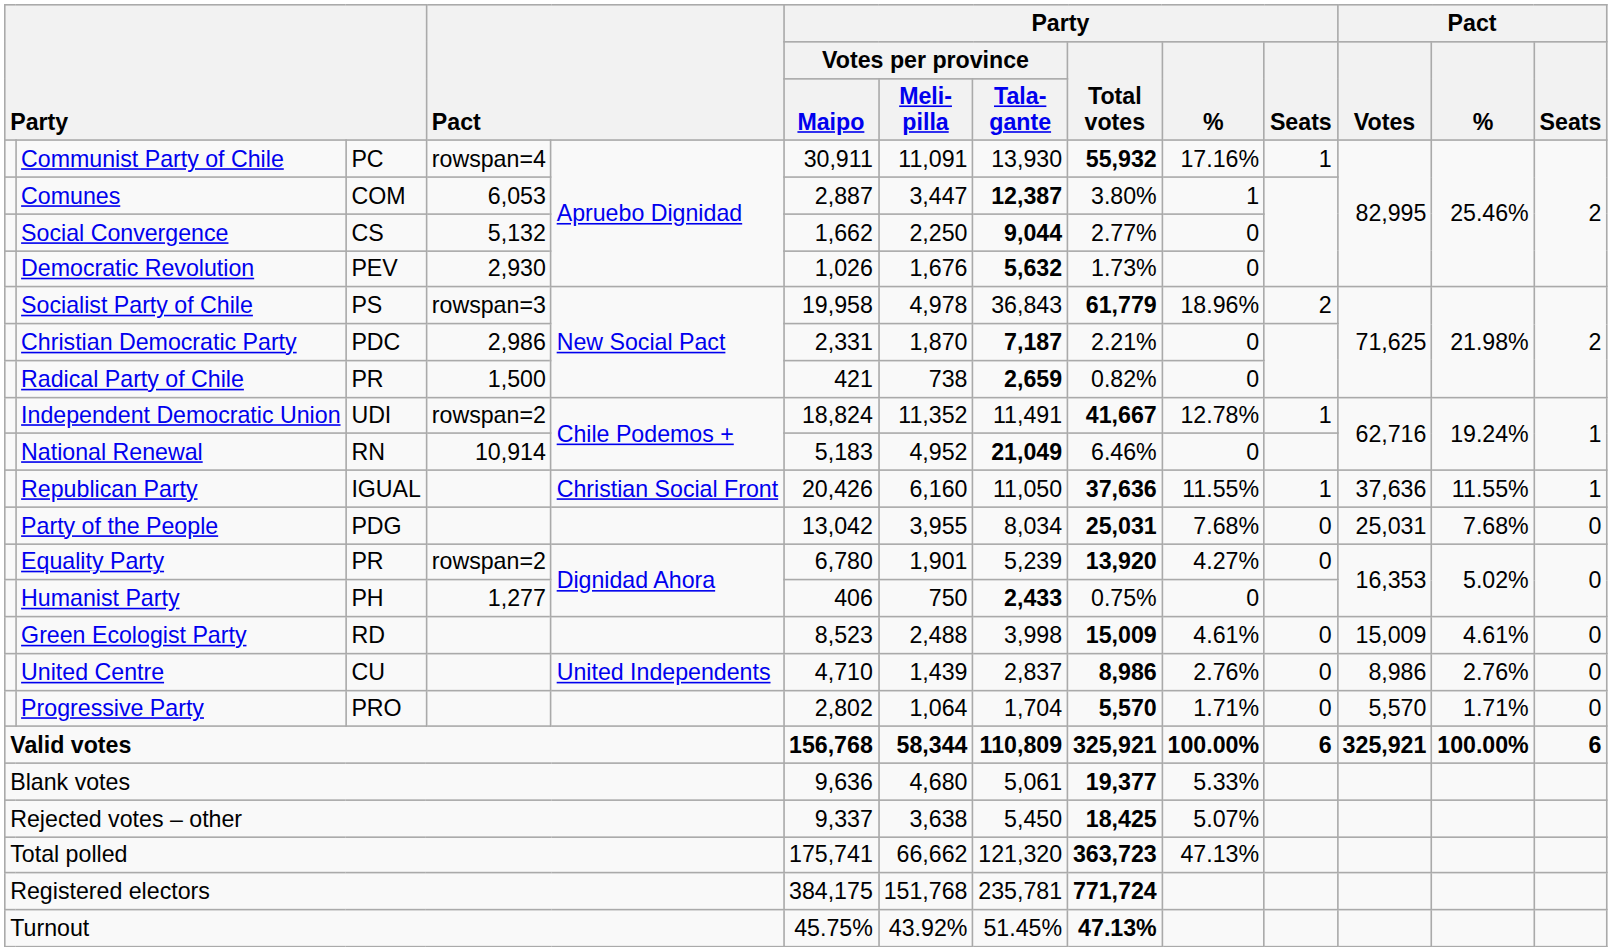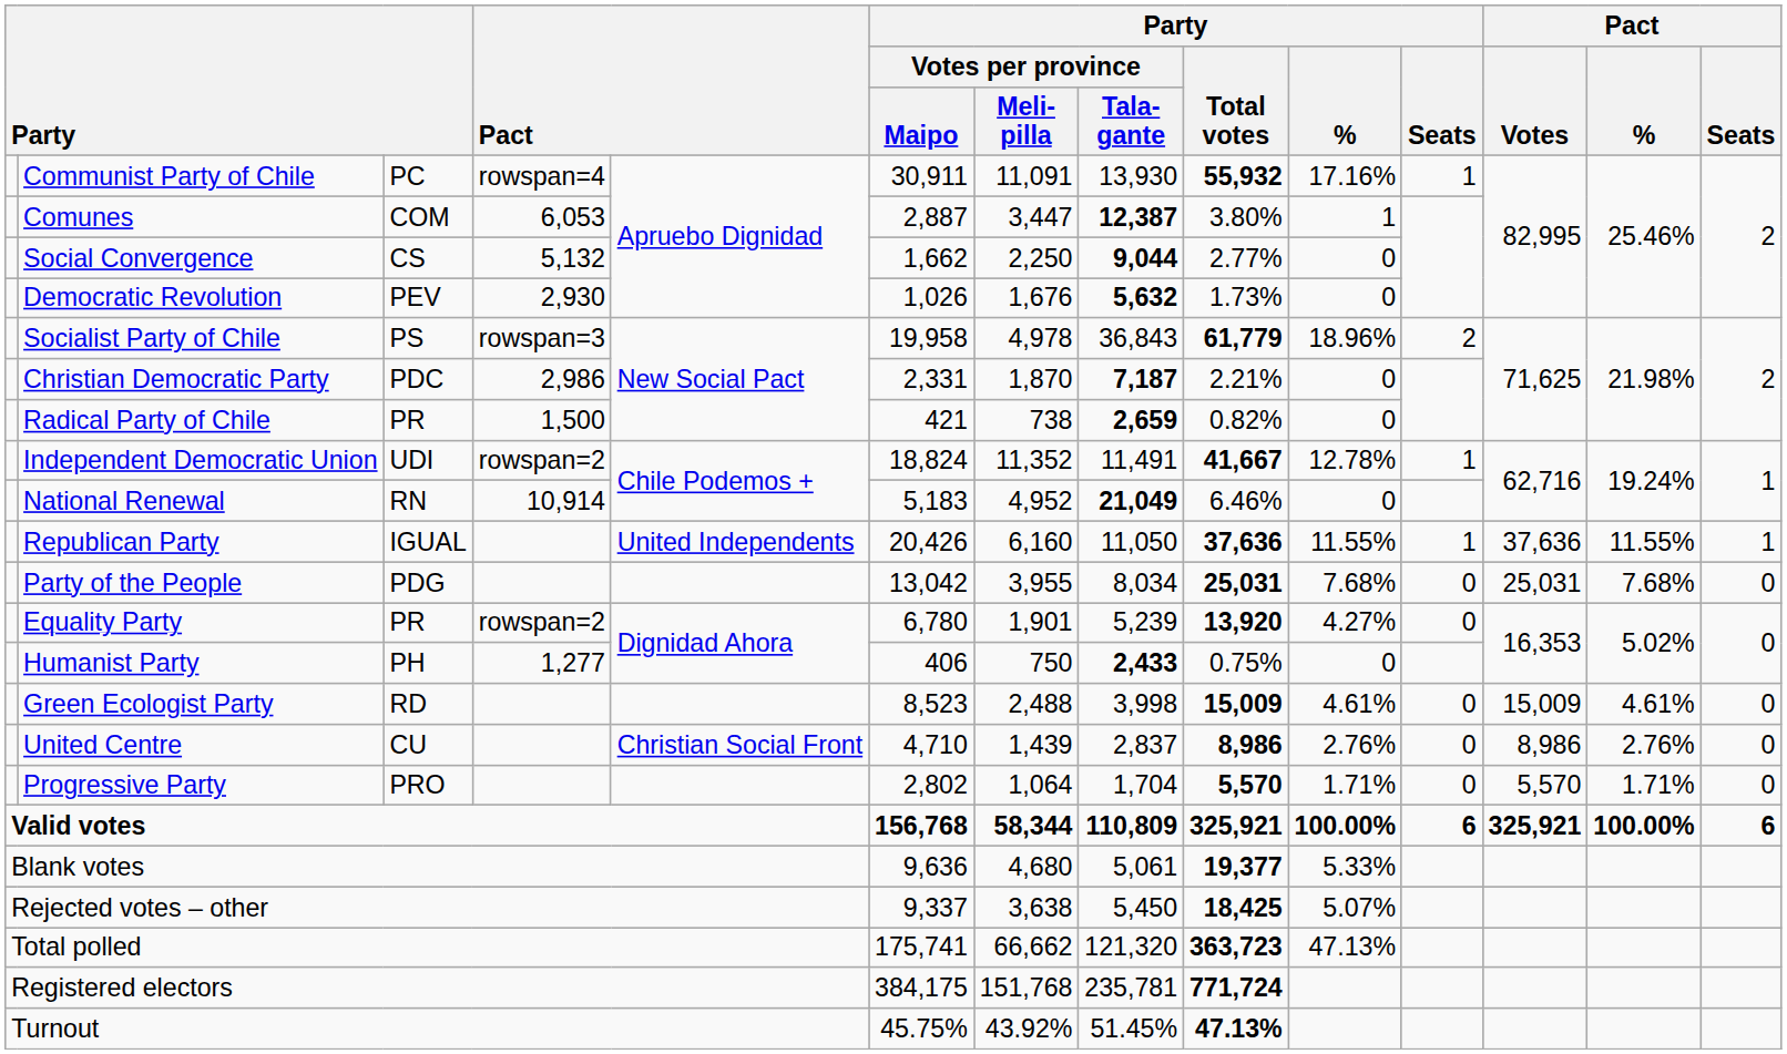 <table class="wikitable" border="1" style="font-size:90%; text-align:right; white-space: nowrap;">
 <tr>
 <th style="text-align:left;" valign=bottom rowspan=3 colspan=3>Party</th>
 <th style="text-align:left;" valign=bottom rowspan=3 colspan=2>Pact</th>
 <th colspan=6>Party</th>
 <th colspan=3>Pact</th>
 </tr>
 <tr>
 <th colspan=3>Votes per province</th>
 <th align=center valign=bottom rowspan=2 width="40">Total<br>votes</th>
 <th align=center valign=bottom rowspan=2 width="40">%</th>
 <th align=center valign=bottom rowspan=2>Seats</th>
 <th align=center valign=bottom rowspan=2 width="40">Votes</th>
 <th align=center valign=bottom rowspan=2 width="40">%</th>
 <th align=center valign=bottom rowspan=2>Seats</th>
 </tr>
 <tr>
 <th align=center valign=bottom width="40"><a href='#'>Maipo</a></th>
 <th align=center valign=bottom width="40"><a href='#'>Meli-<br>pilla</a></th>
 <th align=center valign=bottom width="40"><a href='#'>Tala-<br>gante</a></th>
 </tr>
 <tr>
 <td></td>
 <td align=left><a href='#'>Communist Party of Chile</a></td>
 <td align=left>PC</td>
 <td>rowspan=4 </td>
 <td rowspan=4 align=left><a href='#'>Apruebo Dignidad</a></td>
 <td>30,911</td>
 <td>11,091</td>
 <td>13,930</td>
 <td><strong>55,932</strong></td>
 <td>17.16%</td>
 <td>1</td>
 <td rowspan=4>82,995</td>
 <td rowspan=4>25.46%</td>
 <td rowspan=4>2</td>
 </tr>
 <tr>
 <td></td>
 <td align=left><a href='#'>Comunes</a></td>
 <td align=left>COM</td>
 <td>6,053</td>
 <td>2,887</td>
 <td>3,447</td>
 <td><strong>12,387</strong></td>
 <td>3.80%</td>
 <td>1</td>
 </tr>
 <tr>
 <td></td>
 <td align=left><a href='#'>Social Convergence</a></td>
 <td align=left>CS</td>
 <td>5,132</td>
 <td>1,662</td>
 <td>2,250</td>
 <td><strong>9,044</strong></td>
 <td>2.77%</td>
 <td>0</td>
 </tr>
 <tr>
 <td></td>
 <td align=left><a href='#'>Democratic Revolution</a></td>
 <td align=left>PEV</td>
 <td>2,930</td>
 <td>1,026</td>
 <td>1,676</td>
 <td><strong>5,632</strong></td>
 <td>1.73%</td>
 <td>0</td>
 </tr>
 <tr>
 <td></td>
 <td align=left><a href='#'>Socialist Party of Chile</a></td>
 <td align=left>PS</td>
 <td>rowspan=3 </td>
 <td rowspan=3 align=left><a href='#'>New Social Pact</a></td>
 <td>19,958</td>
 <td>4,978</td>
 <td>36,843</td>
 <td><strong>61,779</strong></td>
 <td>18.96%</td>
 <td>2</td>
 <td rowspan=3>71,625</td>
 <td rowspan=3>21.98%</td>
 <td rowspan=3>2</td>
 </tr>
 <tr>
 <td></td>
 <td align=left><a href='#'>Christian Democratic Party</a></td>
 <td align=left>PDC</td>
 <td>2,986</td>
 <td>2,331</td>
 <td>1,870</td>
 <td><strong>7,187</strong></td>
 <td>2.21%</td>
 <td>0</td>
 </tr>
 <tr>
 <td></td>
 <td align=left><a href='#'>Radical Party of Chile</a></td>
 <td align=left>PR</td>
 <td>1,500</td>
 <td>421</td>
 <td>738</td>
 <td><strong>2,659</strong></td>
 <td>0.82%</td>
 <td>0</td>
 </tr>
 <tr>
 <td></td>
 <td align=left><a href='#'>Independent Democratic Union</a></td>
 <td align=left>UDI</td>
 <td>rowspan=2 </td>
 <td rowspan=2 align=left><a href='#'>Chile Podemos +</a></td>
 <td>18,824</td>
 <td>11,352</td>
 <td>11,491</td>
 <td><strong>41,667</strong></td>
 <td>12.78%</td>
 <td>1</td>
 <td rowspan=2>62,716</td>
 <td rowspan=2>19.24%</td>
 <td rowspan=2>1</td>
 </tr>
 <tr>
 <td></td>
 <td align=left><a href='#'>National Renewal</a></td>
 <td align=left>RN</td>
 <td>10,914</td>
 <td>5,183</td>
 <td>4,952</td>
 <td><strong>21,049</strong></td>
 <td>6.46%</td>
 <td>0</td>
 </tr>
 <tr>
 <td></td>
 <td align=left><a href='#'>Republican Party</a></td>
 <td align=left>IGUAL</td>
 <td></td>
-<td align=left><a href='#'>Christian Social Front</a></td>
+<td align=left><a href='#'>United Independents</a></td>
 <td>20,426</td>
 <td>6,160</td>
 <td>11,050</td>
 <td><strong>37,636</strong></td>
 <td>11.55%</td>
 <td>1</td>
 <td>37,636</td>
 <td>11.55%</td>
 <td>1</td>
 </tr>
 <tr>
 <td></td>
 <td align=left><a href='#'>Party of the People</a></td>
 <td align=left>PDG</td>
 <td></td>
 <td></td>
 <td>13,042</td>
 <td>3,955</td>
 <td>8,034</td>
 <td><strong>25,031</strong></td>
 <td>7.68%</td>
 <td>0</td>
 <td>25,031</td>
 <td>7.68%</td>
 <td>0</td>
 </tr>
 <tr>
 <td></td>
 <td align=left><a href='#'>Equality Party</a></td>
 <td align=left>PR</td>
 <td>rowspan=2 </td>
 <td rowspan=2 align=left><a href='#'>Dignidad Ahora</a></td>
 <td>6,780</td>
 <td>1,901</td>
 <td>5,239</td>
 <td><strong>13,920</strong></td>
 <td>4.27%</td>
 <td>0</td>
 <td rowspan=2>16,353</td>
 <td rowspan=2>5.02%</td>
 <td rowspan=2>0</td>
 </tr>
 <tr>
 <td></td>
 <td align=left><a href='#'>Humanist Party</a></td>
 <td align=left>PH</td>
 <td>1,277</td>
 <td>406</td>
 <td>750</td>
 <td><strong>2,433</strong></td>
 <td>0.75%</td>
 <td>0</td>
 </tr>
 <tr>
 <td></td>
 <td align=left><a href='#'>Green Ecologist Party</a></td>
 <td align=left>RD</td>
 <td></td>
 <td></td>
 <td>8,523</td>
 <td>2,488</td>
 <td>3,998</td>
 <td><strong>15,009</strong></td>
 <td>4.61%</td>
 <td>0</td>
 <td>15,009</td>
 <td>4.61%</td>
 <td>0</td>
 </tr>
 <tr>
 <td></td>
 <td align=left><a href='#'>United Centre</a></td>
 <td align=left>CU</td>
 <td></td>
-<td align=left><a href='#'>United Independents</a></td>
+<td align=left><a href='#'>Christian Social Front</a></td>
 <td>4,710</td>
 <td>1,439</td>
 <td>2,837</td>
 <td><strong>8,986</strong></td>
 <td>2.76%</td>
 <td>0</td>
 <td>8,986</td>
 <td>2.76%</td>
 <td>0</td>
 </tr>
 <tr>
 <td></td>
 <td align=left><a href='#'>Progressive Party</a></td>
 <td align=left>PRO</td>
 <td></td>
 <td></td>
 <td>2,802</td>
 <td>1,064</td>
 <td>1,704</td>
 <td><strong>5,570</strong></td>
 <td>1.71%</td>
 <td>0</td>
 <td>5,570</td>
 <td>1.71%</td>
 <td>0</td>
 </tr>
 <tr style="font-weight:bold">
 <td align=left colspan=5>Valid votes</td>
 <td>156,768</td>
 <td>58,344</td>
 <td>110,809</td>
 <td>325,921</td>
 <td>100.00%</td>
 <td>6</td>
 <td>325,921</td>
 <td>100.00%</td>
 <td>6</td>
 </tr>
 <tr>
 <td align=left colspan=5>Blank votes</td>
 <td>9,636</td>
 <td>4,680</td>
 <td>5,061</td>
 <td><strong>19,377</strong></td>
 <td>5.33%</td>
 <td></td>
 <td></td>
 <td></td>
 <td></td>
 </tr>
 <tr>
 <td align=left colspan=5>Rejected votes – other</td>
 <td>9,337</td>
 <td>3,638</td>
 <td>5,450</td>
 <td><strong>18,425</strong></td>
 <td>5.07%</td>
 <td></td>
 <td></td>
 <td></td>
 <td></td>
 </tr>
 <tr>
 <td align=left colspan=5>Total polled</td>
 <td>175,741</td>
 <td>66,662</td>
 <td>121,320</td>
 <td><strong>363,723</strong></td>
 <td>47.13%</td>
 <td></td>
 <td></td>
 <td></td>
 <td></td>
 </tr>
 <tr>
 <td align=left colspan=5>Registered electors</td>
 <td>384,175</td>
 <td>151,768</td>
 <td>235,781</td>
 <td><strong>771,724</strong></td>
 <td></td>
 <td></td>
 <td></td>
 <td></td>
 <td></td>
 </tr>
 <tr>
 <td align=left colspan=5>Turnout</td>
 <td>45.75%</td>
 <td>43.92%</td>
 <td>51.45%</td>
 <td><strong>47.13%</strong></td>
 <td></td>
 <td></td>
 <td></td>
 <td></td>
 <td></td>
 </tr>
 </table>
